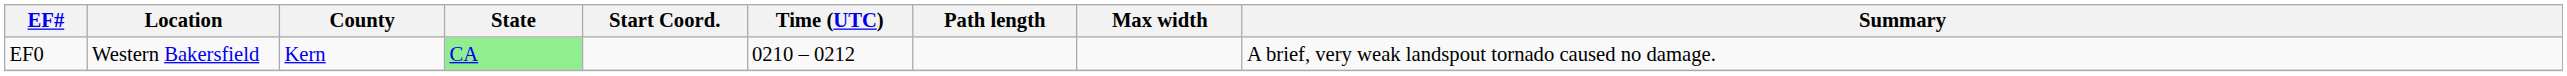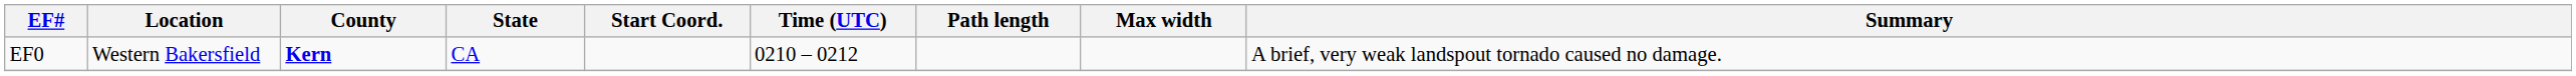 <table class="wikitable sortable" style="width:100%;">
 <tr>
 <th scope="col" width="3%" align="center"><a href='#'>EF#</a></th>
 <th scope="col" width="7%" align="center" class="unsortable">Location</th>
 <th scope="col" width="6%" align="center" class="unsortable">County</th>
 <th scope="col" width="5%" align="center">State</th>
 <th scope="col" width="6%" align="center">Start Coord.</th>
 <th scope="col" width="6%" align="center">Time (<a href='#'>UTC</a>)</th>
 <th scope="col" width="6%" align="center">Path length</th>
 <th scope="col" width="6%" align="center">Max width</th>
 <th scope="col" width="48%" class="unsortable" align="center">Summary</th>
 </tr>
 <tr>
 <td>EF0</td>
 <td>Western <a href='#'>Bakersfield</a></td>
-<td><a href='#'>Kern</a></td>
-<td style="background: lightgreen;"><a href='#'>CA</a></td>
+<td><strong><a href='#'>Kern</a></strong></td>
+<td><a href='#'>CA</a></td>
 <td></td>
 <td>0210 – 0212</td>
 <td></td>
 <td></td>
 <td>A brief, very weak landspout tornado caused no damage.</td>
 </tr>
 <tr>
 </tr>
 </table>
